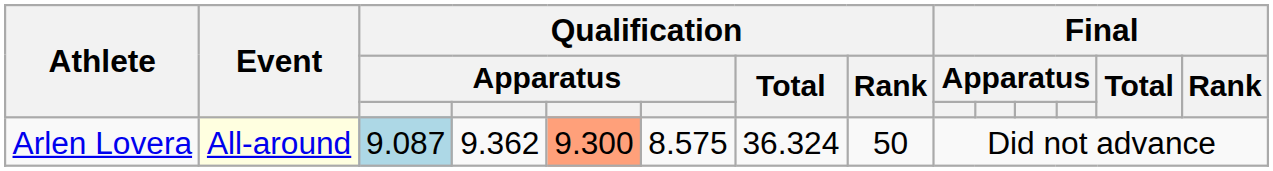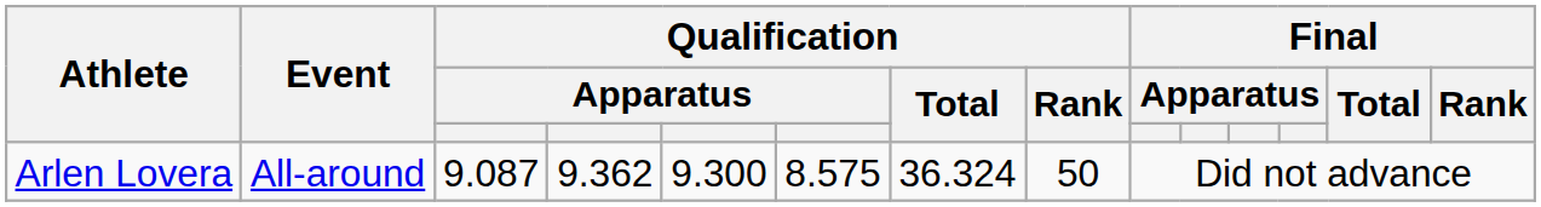 <table class="wikitable" style="font-size:90%">
 <tr>
 <th rowspan=3>Athlete</th>
 <th rowspan=3>Event</th>
 <th colspan=6>Qualification</th>
 <th colspan=6>Final</th>
 </tr>
 <tr style="font-size:95%">
 <th colspan=4>Apparatus</th>
 <th rowspan=2>Total</th>
 <th rowspan=2>Rank</th>
 <th colspan=4>Apparatus</th>
 <th rowspan=2>Total</th>
 <th rowspan=2>Rank</th>
 </tr>
 <tr style="font-size:95%">
 <th></th>
 <th></th>
 <th></th>
 <th></th>
 <th></th>
 <th></th>
 <th></th>
 <th></th>
 </tr>
 <tr align=center>
 <td align=left><a href='#'>Arlen Lovera</a></td>
-<td align=left style="background: lightyellow;"><a href='#'>All-around</a></td>
-<td style="background: lightblue;">9.087</td>
+<td align=left><a href='#'>All-around</a></td>
+<td>9.087</td>
 <td>9.362</td>
-<td style="background: lightsalmon;">9.300</td>
+<td>9.300</td>
 <td>8.575</td>
 <td>36.324</td>
 <td>50</td>
 <td colspan = 6>Did not advance</td>
 </tr>
 </table>
